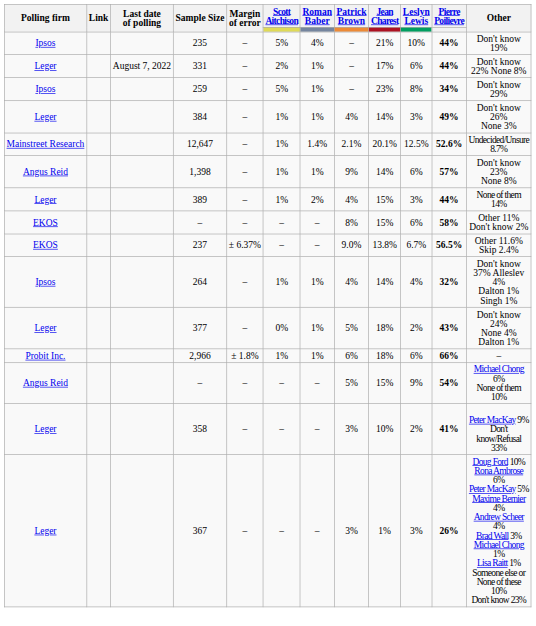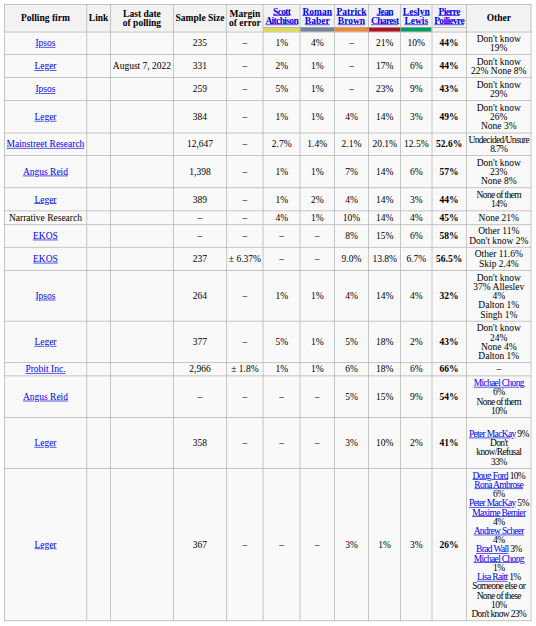 <table class="wikitable sortable mw-datatable" style="text-align:center; line-height:14px;font-size:90%;">
 <tr>
 <th rowspan="2">Polling firm</th>
 <th rowspan="2" class="unsortable">Link</th>
 <th rowspan="2">Last date<br>of polling</th>
 <th rowspan="2" class="unsortable">Sample Size</th>
 <th rowspan="2">Margin<br>of error</th>
 <th style="width:25px;letter-spacing:-1px;"><a href='#'>Scott Aitchison</a></th>
 <th style="width:25px;"><a href='#'>Roman Baber</a></th>
 <th style="width:25px;"><a href='#'>Patrick Brown</a></th>
 <th style="width:25px;letter-spacing:-1px;"><a href='#'>Jean Charest</a></th>
 <th style="width:25px;"><a href='#'>Leslyn Lewis</a></th>
 <th style="width:25px;letter-spacing:-1px;"><a href='#'>Pierre Poilievre</a></th>
 <th rowspan="2" style="width:25px;">Other</th>
 </tr>
 <tr class="sorttop">
 <th style="background-color:#dfda57;"></th>
 <th style="background-color:#75859e;"></th>
 <th style="background-color:#ec8a37;"></th>
 <th style="background-color:#AD1222;"></th>
 <th style="background-color:#009E60;"></th>
 <th style="background-color:"></th>
 </tr>
 <tr>
 <td><a href='#'>Ipsos</a></td>
 <td></td>
 <td></td>
 <td>235</td>
 <td>–</td>
-<td>5%</td>
+<td>1%</td>
 <td>4%</td>
 <td>–</td>
 <td>21%</td>
 <td>10%</td>
 <td style="background-color:"><strong>44%</strong></td>
 <td>Don't know 19%</td>
 </tr>
 <tr>
 <td><a href='#'>Leger</a></td>
 <td></td>
 <td>August 7, 2022</td>
 <td>331</td>
 <td>–</td>
 <td>2%</td>
 <td>1%</td>
 <td>–</td>
 <td>17%</td>
 <td>6%</td>
 <td style="background-color:"><strong>44%</strong></td>
 <td>Don't know 22% None 8%</td>
 </tr>
 <tr>
 <td><a href='#'>Ipsos</a></td>
 <td></td>
 <td></td>
 <td>259</td>
 <td>–</td>
 <td>5%</td>
 <td>1%</td>
 <td>–</td>
 <td>23%</td>
-<td>8%</td>
-<td style="background-color:"><strong>34%</strong></td>
+<td>9%</td>
+<td style="background-color:"><strong>43%</strong></td>
 <td>Don't know 29%</td>
 </tr>
 <tr>
 <td><a href='#'>Leger</a></td>
 <td></td>
 <td></td>
 <td>384</td>
 <td>–</td>
 <td>1%</td>
 <td>1%</td>
 <td>4%</td>
 <td>14%</td>
 <td>3%</td>
 <td style="background-color:"><strong>49%</strong></td>
 <td>Don't know 26%<br>None 3%</td>
 </tr>
 <tr>
 <td><a href='#'>Mainstreet Research</a></td>
 <td></td>
 <td></td>
 <td>12,647</td>
 <td>–</td>
-<td>1%</td>
+<td>2.7%</td>
 <td>1.4%</td>
 <td>2.1%</td>
 <td>20.1%</td>
 <td>12.5%</td>
 <td style="background-color:"><strong>52.6%</strong></td>
 <td style="letter-spacing:-1px;">Undecided/Unsure 8.7%</td>
 </tr>
 <tr>
 <td><a href='#'>Angus Reid</a></td>
 <td></td>
 <td></td>
 <td>1,398</td>
 <td>–</td>
 <td>1%</td>
 <td>1%</td>
-<td>9%</td>
+<td>7%</td>
 <td>14%</td>
 <td>6%</td>
 <td style="background-color:"><strong>57%</strong></td>
 <td>Don't know 23%<br>None 8%</td>
 </tr>
 <tr>
 <td><a href='#'>Leger</a></td>
 <td></td>
 <td></td>
 <td>389</td>
 <td>–</td>
 <td>1%</td>
 <td>2%</td>
 <td>4%</td>
-<td>15%</td>
+<td>14%</td>
 <td>3%</td>
 <td style="background-color:"><strong>44%</strong></td>
 <td style="letter-spacing:-1px;">None of them 14%</td>
+</tr>
+<tr>
+<td>Narrative Research</td>
+<td></td>
+<td></td>
+<td>–</td>
+<td>–</td>
+<td>4%</td>
+<td>1%</td>
+<td>10%</td>
+<td>14%</td>
+<td>4%</td>
+<td style="background-color:"><strong>45%</strong></td>
+<td>None 21%</td>
 </tr>
 <tr>
 <td><a href='#'>EKOS</a></td>
 <td></td>
 <td></td>
 <td>–</td>
 <td>–</td>
 <td>–</td>
 <td>–</td>
 <td>8%</td>
 <td>15%</td>
 <td>6%</td>
 <td style="background-color:"><strong>58%</strong></td>
 <td>Other 11%<br>Don't know 2%</td>
 </tr>
 <tr>
 <td><a href='#'>EKOS</a></td>
 <td></td>
 <td></td>
 <td>237</td>
 <td>± 6.37%</td>
 <td>–</td>
 <td>–</td>
 <td>9.0%</td>
 <td>13.8%</td>
 <td>6.7%</td>
 <td style="background-color:"><strong>56.5%</strong></td>
 <td>Other 11.6% Skip 2.4%</td>
 </tr>
 <tr>
 <td><a href='#'>Ipsos</a></td>
 <td></td>
 <td></td>
 <td>264</td>
 <td>–</td>
 <td>1%</td>
 <td>1%</td>
 <td>4%</td>
 <td>14%</td>
 <td>4%</td>
 <td style="background-color:"><strong>32%</strong></td>
 <td>Don't know 37% Alleslev 4%<br>Dalton 1%<br>Singh 1%</td>
 </tr>
 <tr>
 <td><a href='#'>Leger</a></td>
 <td></td>
 <td></td>
 <td>377</td>
 <td>–</td>
-<td>0%</td>
+<td>5%</td>
 <td>1%</td>
 <td>5%</td>
 <td>18%</td>
 <td>2%</td>
 <td style="background-color:"><strong>43%</strong></td>
 <td>Don't know 24%<br>None 4%<br>Dalton 1%</td>
 </tr>
 <tr>
 <td><a href='#'>Probit Inc.</a></td>
 <td></td>
 <td></td>
 <td>2,966</td>
 <td>± 1.8%</td>
 <td>1%</td>
 <td>1%</td>
 <td>6%</td>
 <td>18%</td>
 <td>6%</td>
 <td style="background-color:"><strong>66%</strong></td>
 <td>–</td>
 </tr>
 <tr>
 <td><a href='#'>Angus Reid</a></td>
 <td></td>
 <td></td>
 <td>–</td>
 <td>–</td>
 <td>–</td>
 <td>–</td>
 <td>5%</td>
 <td>15%</td>
 <td>9%</td>
 <td style="background-color:"><strong>54%</strong></td>
 <td style="letter-spacing:-1px;"><a href='#'>Michael Chong</a> 6% <br>None of them 10%</td>
 </tr>
 <tr>
 <td><a href='#'>Leger</a></td>
 <td></td>
 <td></td>
 <td>358</td>
 <td>–</td>
 <td>–</td>
 <td>–</td>
 <td>3%</td>
 <td>10%</td>
 <td>2%</td>
 <td style="background-color:"><strong>41%</strong></td>
 <td style="letter-spacing:-1px;"><br><a href='#'>Peter MacKay</a> 9%<br>Don't know/Refusal 33%</td>
 </tr>
 <tr>
 <td><a href='#'>Leger</a></td>
 <td></td>
 <td></td>
 <td>367</td>
 <td>–</td>
 <td>–</td>
 <td>–</td>
 <td>3%</td>
 <td>1%</td>
 <td>3%</td>
 <td style="background-color:"><strong>26%</strong></td>
 <td style="letter-spacing:-1px;"><a href='#'>Doug Ford</a> 10%<br><a href='#'>Rona Ambrose</a> 6%<br><a href='#'>Peter MacKay</a> 5%<br><a href='#'>Maxime Bernier</a> 4%<br><a href='#'>Andrew Scheer</a> 4%<br><a href='#'>Brad Wall</a> 3%<br><a href='#'>Michael Chong</a> 1%<br><a href='#'>Lisa Raitt</a> 1%<br>Someone else or None of these 10%<br>Don't know 23%</td>
 </tr>
 </table>
